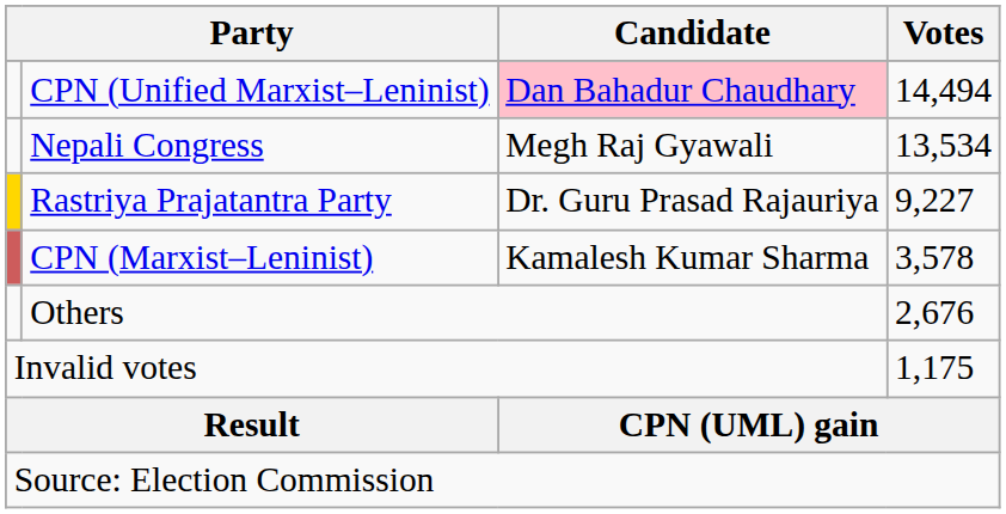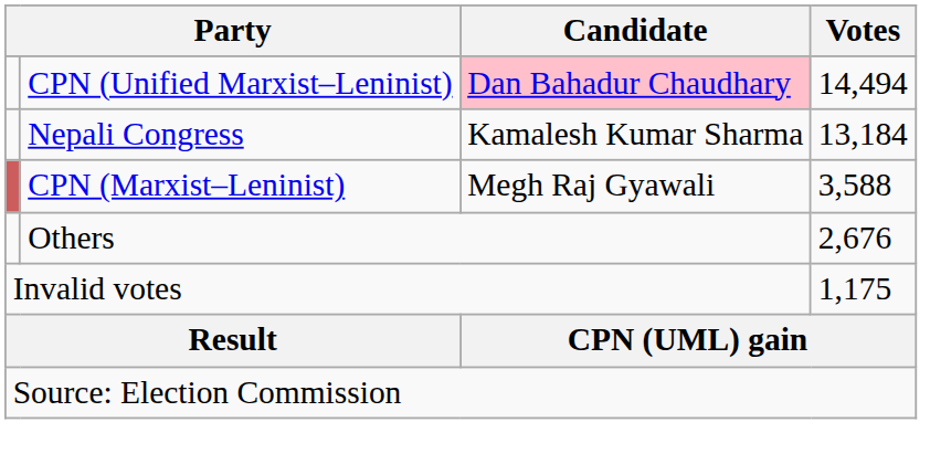 <table class="wikitable">
 <tr>
 <th colspan="2">Party</th>
 <th>Candidate</th>
 <th>Votes</th>
 </tr>
 <tr>
 <td style="background-color:"></td>
 <td><a href='#'>CPN (Unified Marxist–Leninist)</a></td>
 <td style="background: pink;"><a href='#'>Dan Bahadur Chaudhary</a></td>
 <td>14,494</td>
 </tr>
 <tr>
 <td style="background-color:"></td>
 <td><a href='#'>Nepali Congress</a></td>
-<td>Megh Raj Gyawali</td>
-<td>13,534</td>
-</tr>
-<tr>
-<td style="background-color:gold"></td>
-<td><a href='#'>Rastriya Prajatantra Party</a></td>
-<td>Dr. Guru Prasad Rajauriya</td>
-<td>9,227</td>
+<td>Kamalesh Kumar Sharma</td>
+<td>13,184</td>
 </tr>
 <tr>
 <td style="background-color:indianred"></td>
 <td><a href='#'>CPN (Marxist–Leninist)</a></td>
-<td>Kamalesh Kumar Sharma</td>
-<td>3,578</td>
+<td>Megh Raj Gyawali</td>
+<td>3,588</td>
 </tr>
 <tr>
 <td></td>
 <td colspan="2">Others</td>
 <td>2,676</td>
 </tr>
 <tr>
 <td colspan="3">Invalid votes</td>
 <td>1,175</td>
 </tr>
 <tr>
 <th colspan="2">Result</th>
 <th colspan="2">CPN (UML) gain</th>
 </tr>
 <tr>
 <td colspan="4">Source: Election Commission</td>
 </tr>
 </table>
